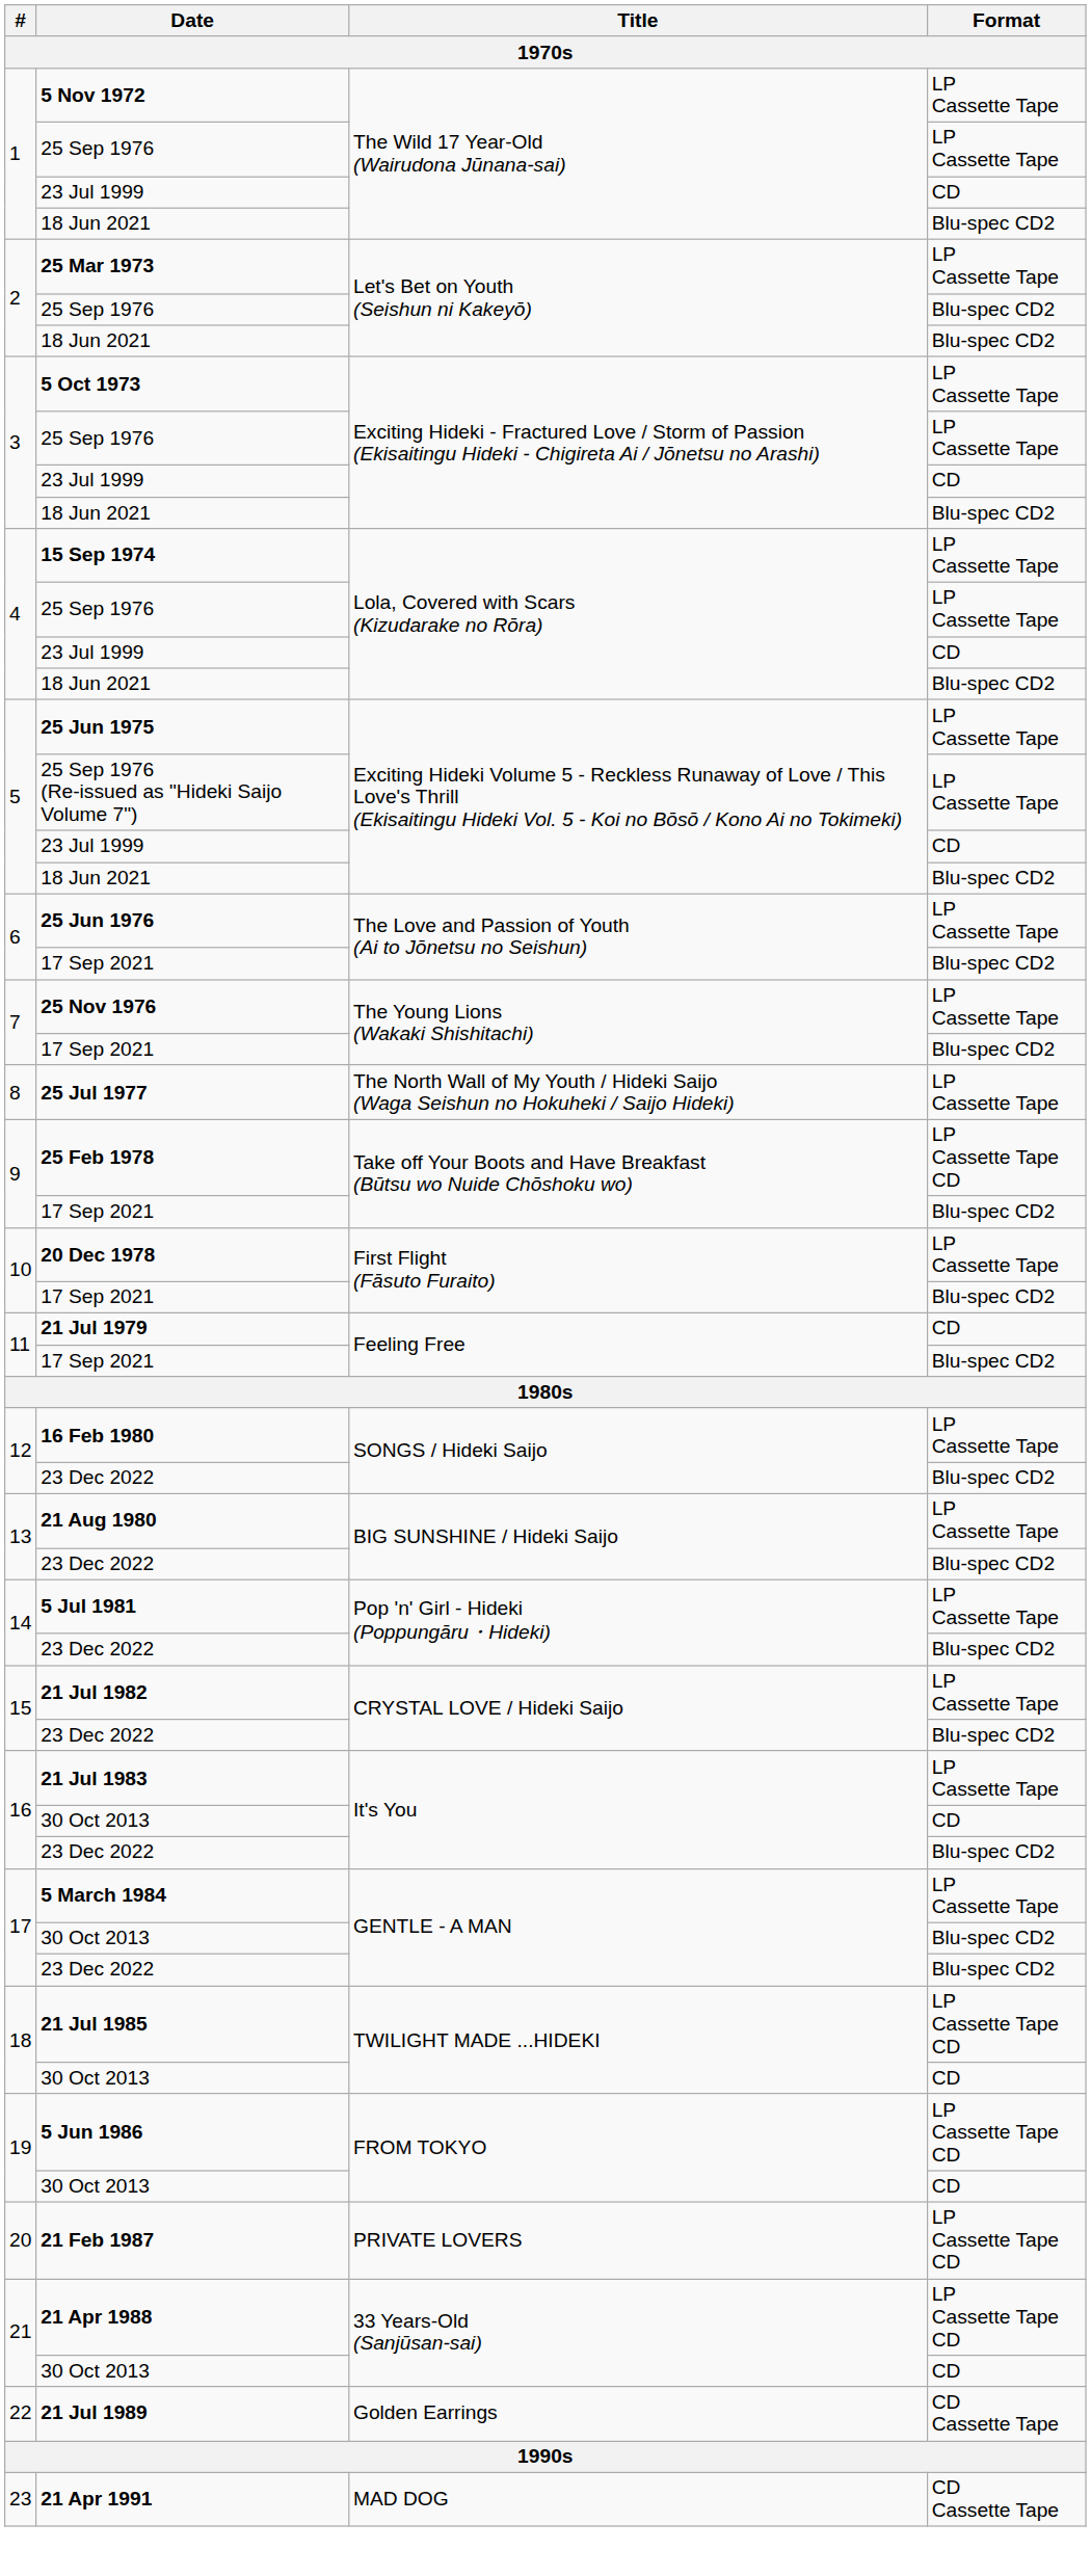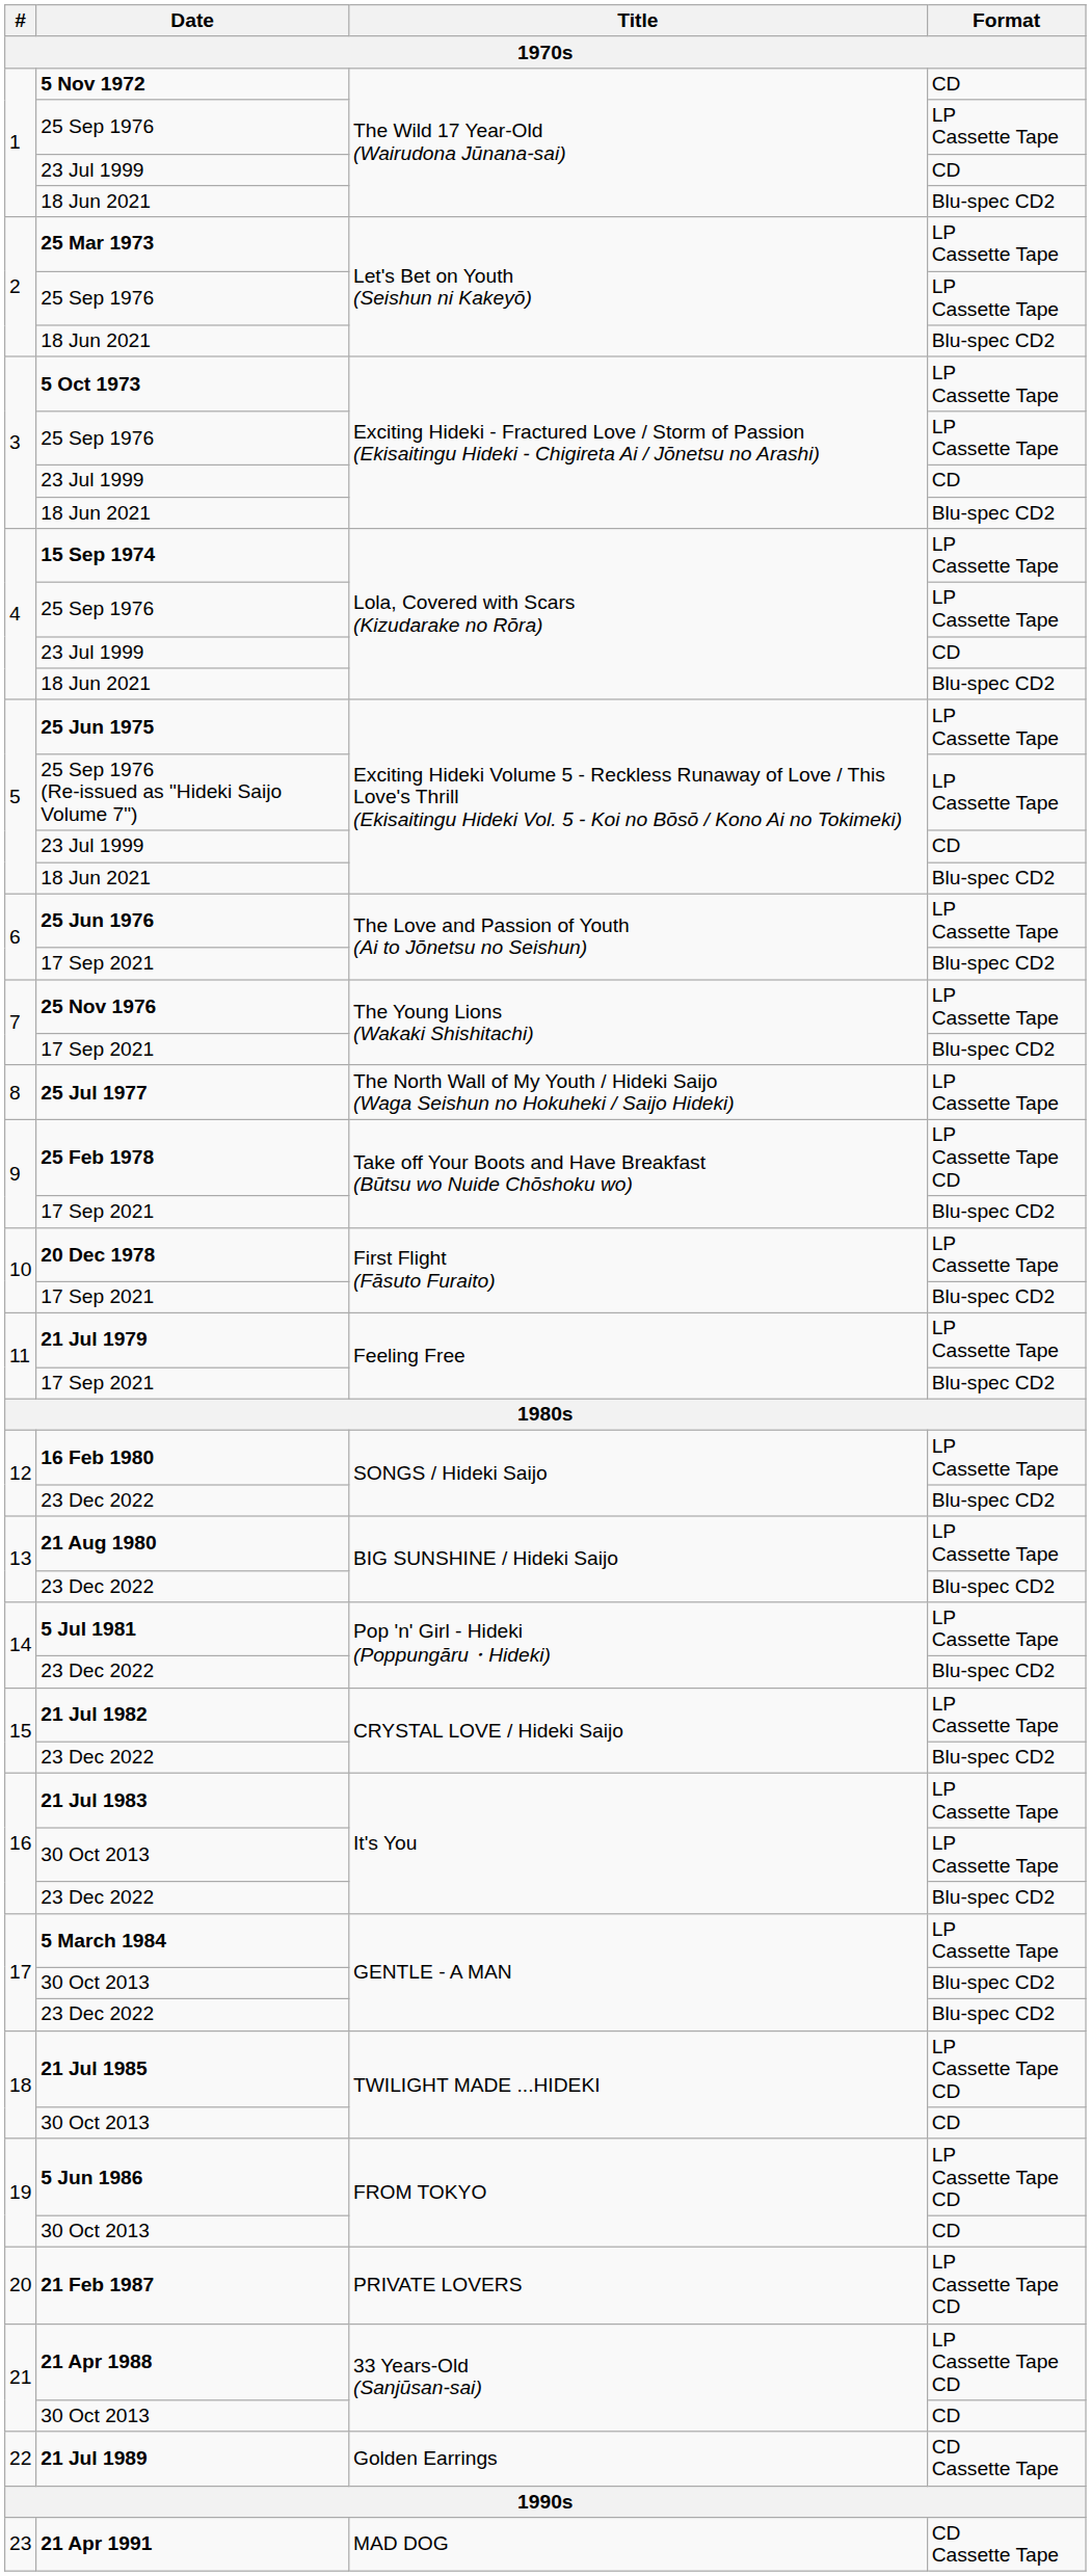 <table class="wikitable">
 <tr>
 <th>#</th>
 <th>Date</th>
 <th>Title</th>
 <th>Format</th>
 </tr>
 <tr>
 <th colspan="4">1970s</th>
 </tr>
 <tr>
 <td rowspan="4">1</td>
 <td><strong>5 Nov 1972</strong></td>
 <td rowspan="4">The Wild 17 Year-Old<br><em>(Wairudona Jūnana-sai)</em></td>
-<td>LP<br>Cassette Tape</td>
+<td>CD</td>
 </tr>
 <tr>
 <td>25 Sep 1976</td>
 <td>LP<br>Cassette Tape</td>
 </tr>
 <tr>
 <td>23 Jul 1999</td>
 <td>CD</td>
 </tr>
 <tr>
 <td>18 Jun 2021</td>
 <td>Blu-spec CD2</td>
 </tr>
 <tr>
 <td rowspan="3">2</td>
 <td><strong>25 Mar 1973</strong></td>
 <td rowspan="3">Let's Bet on Youth<br><em>(Seishun ni Kakeyō)</em></td>
 <td>LP<br>Cassette Tape</td>
 </tr>
 <tr>
 <td>25 Sep 1976</td>
-<td>Blu-spec CD2</td>
+<td>LP<br>Cassette Tape</td>
 </tr>
 <tr>
 <td>18 Jun 2021</td>
 <td>Blu-spec CD2</td>
 </tr>
 <tr>
 <td rowspan="4">3</td>
 <td><strong>5 Oct 1973</strong></td>
 <td rowspan="4">Exciting Hideki - Fractured Love / Storm of Passion<br><em>(Ekisaitingu Hideki - Chigireta Ai / Jōnetsu no Arashi)</em></td>
 <td>LP<br>Cassette Tape</td>
 </tr>
 <tr>
 <td>25 Sep 1976</td>
 <td>LP<br>Cassette Tape</td>
 </tr>
 <tr>
 <td>23 Jul 1999</td>
 <td>CD</td>
 </tr>
 <tr>
 <td>18 Jun 2021</td>
 <td>Blu-spec CD2</td>
 </tr>
 <tr>
 <td rowspan="4">4</td>
 <td><strong>15 Sep 1974</strong></td>
 <td rowspan="4">Lola, Covered with Scars<br><em>(Kizudarake no Rōra)</em></td>
 <td>LP<br>Cassette Tape</td>
 </tr>
 <tr>
 <td>25 Sep 1976</td>
 <td>LP<br>Cassette Tape</td>
 </tr>
 <tr>
 <td>23 Jul 1999</td>
 <td>CD</td>
 </tr>
 <tr>
 <td>18 Jun 2021</td>
 <td>Blu-spec CD2</td>
 </tr>
 <tr>
 <td rowspan="4">5</td>
 <td><strong>25 Jun 1975</strong></td>
 <td rowspan="4">Exciting Hideki Volume 5 - Reckless Runaway of Love / This Love's Thrill<br><em>(Ekisaitingu Hideki Vol. 5 - Koi no Bōsō / Kono Ai no Tokimeki)</em></td>
 <td>LP<br>Cassette Tape</td>
 </tr>
 <tr>
 <td>25 Sep 1976<br>(Re-issued as "Hideki Saijo Volume 7")</td>
 <td>LP<br>Cassette Tape</td>
 </tr>
 <tr>
 <td>23 Jul 1999</td>
 <td>CD</td>
 </tr>
 <tr>
 <td>18 Jun 2021</td>
 <td>Blu-spec CD2</td>
 </tr>
 <tr>
 <td rowspan="2">6</td>
 <td><strong>25 Jun 1976</strong></td>
 <td rowspan="2">The Love and Passion of Youth<br><em>(Ai to Jōnetsu no Seishun)</em></td>
 <td>LP<br>Cassette Tape</td>
 </tr>
 <tr>
 <td>17 Sep 2021</td>
 <td>Blu-spec CD2</td>
 </tr>
 <tr>
 <td rowspan="2">7</td>
 <td><strong>25 Nov 1976</strong></td>
 <td rowspan="2">The Young Lions<br><em>(Wakaki Shishitachi)</em></td>
 <td>LP<br>Cassette Tape</td>
 </tr>
 <tr>
 <td>17 Sep 2021</td>
 <td>Blu-spec CD2</td>
 </tr>
 <tr>
 <td>8</td>
 <td><strong>25 Jul 1977</strong></td>
 <td>The North Wall of My Youth / Hideki Saijo<br><em>(Waga Seishun no Hokuheki /  Saijo Hideki)</em></td>
 <td>LP<br>Cassette Tape</td>
 </tr>
 <tr>
 <td rowspan="2">9</td>
 <td><strong>25 Feb 1978</strong></td>
 <td rowspan="2">Take off Your Boots and Have Breakfast<br><em>(Būtsu wo Nuide Chōshoku wo)</em></td>
 <td>LP<br>Cassette Tape CD</td>
 </tr>
 <tr>
 <td>17 Sep 2021</td>
 <td>Blu-spec CD2</td>
 </tr>
 <tr>
 <td rowspan="2">10</td>
 <td><strong>20 Dec 1978</strong></td>
 <td rowspan="2">First Flight<br><em>(Fāsuto Furaito)</em></td>
 <td>LP<br>Cassette Tape</td>
 </tr>
 <tr>
 <td>17 Sep 2021</td>
 <td>Blu-spec CD2</td>
 </tr>
 <tr>
 <td rowspan="2">11</td>
 <td><strong>21 Jul 1979</strong></td>
 <td rowspan="2">Feeling Free</td>
-<td>CD</td>
+<td>LP<br>Cassette Tape</td>
 </tr>
 <tr>
 <td>17 Sep 2021</td>
 <td>Blu-spec CD2</td>
 </tr>
 <tr>
 <th colspan="4">1980s</th>
 </tr>
 <tr>
 <td rowspan="2">12</td>
 <td><strong>16 Feb 1980</strong></td>
 <td rowspan="2">SONGS / Hideki Saijo</td>
 <td>LP<br>Cassette Tape</td>
 </tr>
 <tr>
 <td>23 Dec 2022</td>
 <td>Blu-spec CD2</td>
 </tr>
 <tr>
 <td rowspan="2">13</td>
 <td><strong>21 Aug 1980</strong></td>
 <td rowspan="2">BIG SUNSHINE / Hideki Saijo</td>
 <td>LP<br>Cassette Tape</td>
 </tr>
 <tr>
 <td>23 Dec 2022</td>
 <td>Blu-spec CD2</td>
 </tr>
 <tr>
 <td rowspan="2">14</td>
 <td><strong>5 Jul 1981</strong></td>
 <td rowspan="2">Pop 'n' Girl - Hideki<br><em>(Poppungāru・Hideki)</em></td>
 <td>LP<br>Cassette Tape</td>
 </tr>
 <tr>
 <td>23 Dec 2022</td>
 <td>Blu-spec CD2</td>
 </tr>
 <tr>
 <td rowspan="2">15</td>
 <td><strong>21 Jul 1982</strong></td>
 <td rowspan="2">CRYSTAL LOVE / Hideki Saijo</td>
 <td>LP<br>Cassette Tape</td>
 </tr>
 <tr>
 <td>23 Dec 2022</td>
 <td>Blu-spec CD2</td>
 </tr>
 <tr>
 <td rowspan="3">16</td>
 <td><strong>21 Jul 1983</strong></td>
 <td rowspan="3">It's You</td>
 <td>LP<br>Cassette Tape</td>
 </tr>
 <tr>
 <td>30 Oct 2013</td>
-<td>CD</td>
+<td>LP<br>Cassette Tape</td>
 </tr>
 <tr>
 <td>23 Dec 2022</td>
 <td>Blu-spec CD2</td>
 </tr>
 <tr>
 <td rowspan="3">17</td>
 <td><strong>5 March 1984</strong></td>
 <td rowspan="3">GENTLE - A MAN</td>
 <td>LP<br>Cassette Tape</td>
 </tr>
 <tr>
 <td>30 Oct 2013</td>
 <td>Blu-spec CD2</td>
 </tr>
 <tr>
 <td>23 Dec 2022</td>
 <td>Blu-spec CD2</td>
 </tr>
 <tr>
 <td rowspan="2">18</td>
 <td><strong>21 Jul 1985</strong></td>
 <td rowspan="2">TWILIGHT MADE ...HIDEKI</td>
 <td>LP<br>Cassette Tape CD</td>
 </tr>
 <tr>
 <td>30 Oct 2013</td>
 <td>CD</td>
 </tr>
 <tr>
 <td rowspan="2">19</td>
 <td><strong>5 Jun 1986</strong></td>
 <td rowspan="2">FROM TOKYO</td>
 <td>LP<br>Cassette Tape CD</td>
 </tr>
 <tr>
 <td>30 Oct 2013</td>
 <td>CD</td>
 </tr>
 <tr>
 <td>20</td>
 <td><strong>21 Feb 1987</strong></td>
 <td>PRIVATE LOVERS</td>
 <td>LP<br>Cassette Tape CD</td>
 </tr>
 <tr>
 <td rowspan="2">21</td>
 <td><strong>21 Apr 1988</strong></td>
 <td rowspan="2">33 Years-Old<br><em>(Sanjūsan-sai)</em></td>
 <td>LP<br>Cassette Tape CD</td>
 </tr>
 <tr>
 <td>30 Oct 2013</td>
 <td>CD</td>
 </tr>
 <tr>
 <td>22</td>
 <td><strong>21 Jul 1989</strong></td>
 <td>Golden Earrings</td>
 <td>CD<br>Cassette Tape</td>
 </tr>
 <tr>
 <th colspan="4">1990s</th>
 </tr>
 <tr>
 <td>23</td>
 <td><strong>21 Apr 1991</strong></td>
 <td>MAD DOG</td>
 <td>CD<br>Cassette Tape</td>
 </tr>
 </table>
